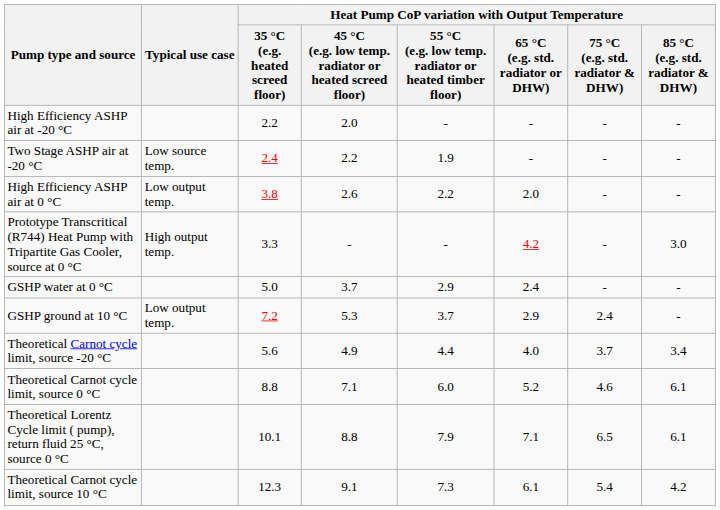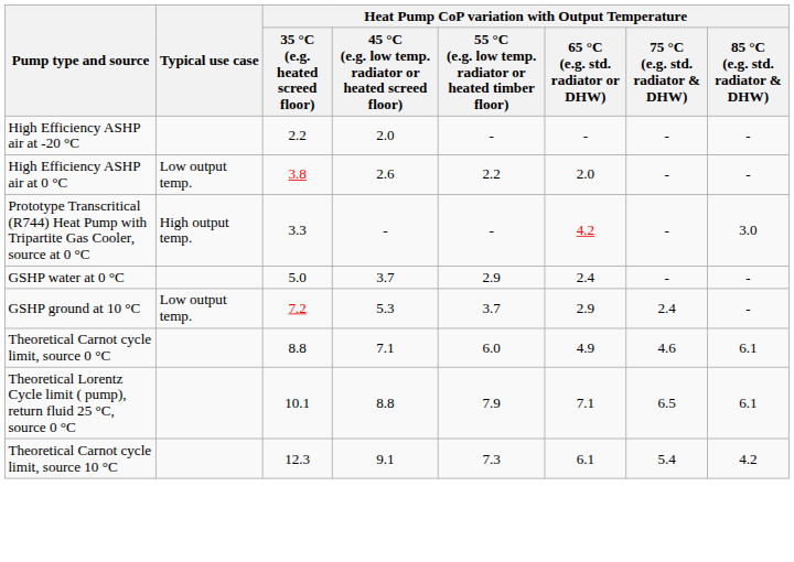 <table class="wikitable">
 <tr style="font-weight:bold; text-align:center;">
 <th style="width:160px;" rowspan="2">Pump type and source</th>
 <th style="width:110px;" rowspan="2">Typical use case</th>
 <th colspan="6">Heat Pump CoP variation with Output Temperature</th>
 </tr>
 <tr style="font-weight:bold; text-align:center;">
 <th>35 °C<br>(e.g. heated screed floor)</th>
 <th>45 °C<br>(e.g. low temp. radiator or heated screed floor)</th>
 <th>55 °C<br>(e.g. low temp. radiator or heated timber floor)</th>
 <th>65 °C <br>(e.g. std. radiator or DHW)</th>
 <th>75 °C <br>(e.g. std. radiator & DHW)</th>
 <th>85 °C <br>(e.g. std. radiator & DHW)</th>
 </tr>
 <tr>
 <td style="height:15px; vertical-align:top;">High Efficiency ASHP air at -20 °C</td>
 <td style="vertical-align:top;"> </td>
 <td style="text-align:center;">2.2</td>
 <td style="text-align:center;">2.0</td>
 <td style="text-align:center;">-</td>
-<td style="text-align:center;">-</td>
-<td style="text-align:center;">-</td>
-<td style="text-align:center;">-</td>
-</tr>
-<tr>
-<td style="height:30px;">Two Stage ASHP air at -20 °C</td>
-<td>Low source temp.</td>
-<td style="text-align:center; text-decoration:underline; color:#f00;">2.4</td>
-<td style="text-align:center;">2.2</td>
-<td style="text-align:center;">1.9</td>
 <td style="text-align:center;">-</td>
 <td style="text-align:center;">-</td>
 <td style="text-align:center;">-</td>
 </tr>
 <tr>
 <td style="height:15px;">High Efficiency ASHP air at 0 °C</td>
 <td>Low output temp.</td>
 <td style="text-align:center; text-decoration:underline; color:#f00;">3.8</td>
 <td style="text-align:center;">2.6</td>
 <td style="text-align:center;">2.2</td>
 <td style="text-align:center;">2.0</td>
 <td style="text-align:center;">-</td>
 <td style="text-align:center;">-</td>
 </tr>
 <tr>
 <td style="height:45px;">Prototype Transcritical  (R744) Heat Pump with Tripartite Gas Cooler, source at 0 °C</td>
 <td>High output temp.</td>
 <td style="text-align:center;">3.3</td>
 <td style="text-align:center;">-</td>
 <td style="text-align:center;">-</td>
 <td style="text-align:center; text-decoration:underline; color:#f00;">4.2</td>
 <td style="text-align:center;">-</td>
 <td style="text-align:center;">3.0</td>
 </tr>
 <tr>
 <td style="height:15px;">GSHP water at 0 °C</td>
 <td> </td>
 <td style="text-align:center;">5.0</td>
 <td style="text-align:center;">3.7</td>
 <td style="text-align:center;">2.9</td>
 <td style="text-align:center;">2.4</td>
 <td style="text-align:center;">-</td>
 <td style="text-align:center;">-</td>
 </tr>
 <tr>
 <td style="height:30px;">GSHP ground at 10 °C</td>
 <td>Low output temp.</td>
 <td style="text-align:center; text-decoration:underline; color:#f00;">7.2</td>
 <td style="text-align:center;">5.3</td>
 <td style="text-align:center;">3.7</td>
 <td style="text-align:center;">2.9</td>
 <td style="text-align:center;">2.4</td>
 <td style="text-align:center;">-</td>
 </tr>
 <tr>
-<td style="height:15px;">Theoretical <a href='#'>Carnot cycle</a> limit, source -20 °C</td>
-<td> </td>
-<td style="text-align:center;">5.6</td>
-<td style="text-align:center;">4.9</td>
-<td style="text-align:center;">4.4</td>
-<td style="text-align:center;">4.0</td>
-<td style="text-align:center;">3.7</td>
-<td style="text-align:center;">3.4</td>
-</tr>
-<tr>
 <td style="height:15px;">Theoretical Carnot cycle limit, source 0 °C</td>
 <td> </td>
 <td style="text-align:center;">8.8</td>
 <td style="text-align:center;">7.1</td>
 <td style="text-align:center;">6.0</td>
-<td style="text-align:center;">5.2</td>
+<td style="text-align:center;">4.9</td>
 <td style="text-align:center;">4.6</td>
 <td style="text-align:center;">6.1</td>
 </tr>
 <tr>
 <td style="height:30px;">Theoretical Lorentz Cycle limit ( pump), return fluid 25 °C, source 0 °C</td>
 <td> </td>
 <td style="text-align:center;">10.1</td>
 <td style="text-align:center;">8.8</td>
 <td style="text-align:center;">7.9</td>
 <td style="text-align:center;">7.1</td>
 <td style="text-align:center;">6.5</td>
 <td style="text-align:center;">6.1</td>
 </tr>
 <tr>
 <td style="height:15px;">Theoretical Carnot cycle limit, source 10 °C</td>
 <td> </td>
 <td style="text-align:center;">12.3</td>
 <td style="text-align:center;">9.1</td>
 <td style="text-align:center;">7.3</td>
 <td style="text-align:center;">6.1</td>
 <td style="text-align:center;">5.4</td>
 <td style="text-align:center;">4.2</td>
 </tr>
 </table>
